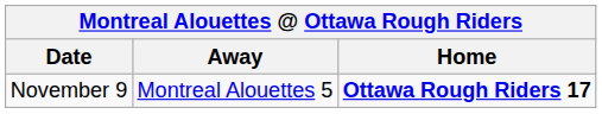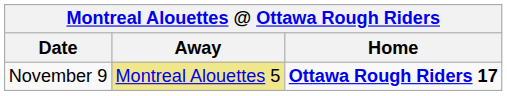 <table class="wikitable">
 <tr>
 <th colspan="3"><a href='#'>Montreal Alouettes</a> @ <a href='#'>Ottawa Rough Riders</a></th>
 </tr>
 <tr>
 <th>Date</th>
 <th>Away</th>
 <th>Home</th>
 </tr>
 <tr>
 <td>November 9</td>
-<td><a href='#'>Montreal Alouettes</a> 5</td>
+<td style="background: khaki;"><a href='#'>Montreal Alouettes</a> 5</td>
 <td><strong><a href='#'>Ottawa Rough Riders</a> 17</strong></td>
 </tr>
 </table>
